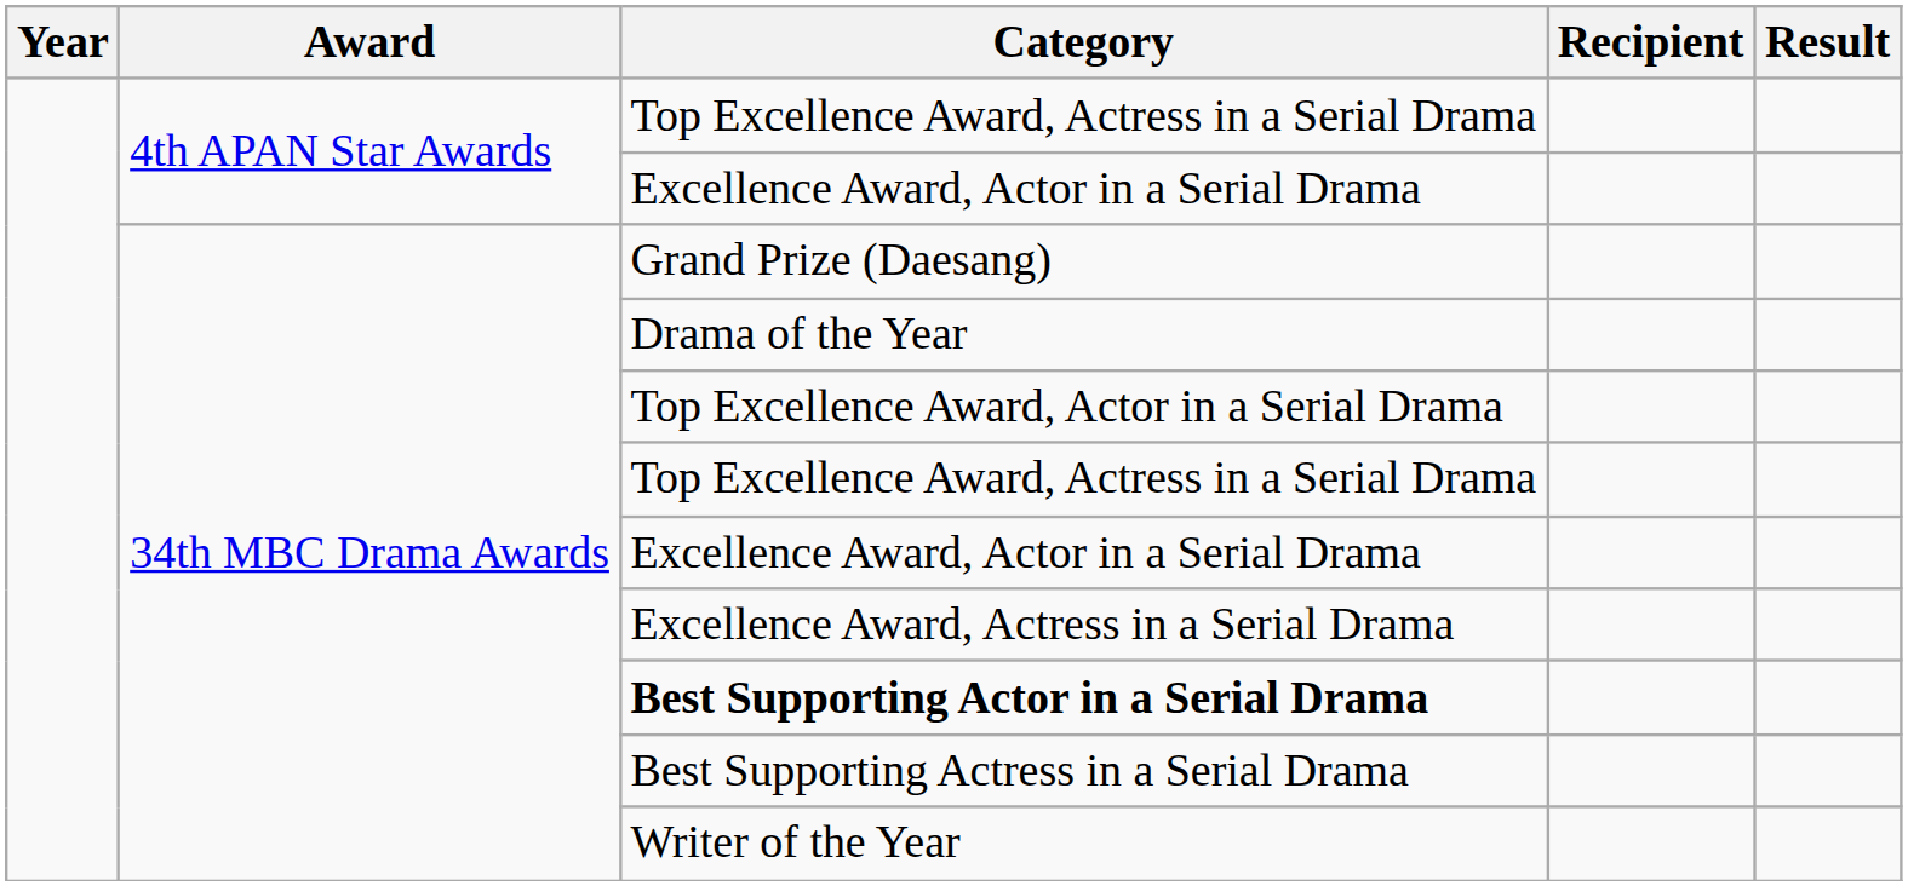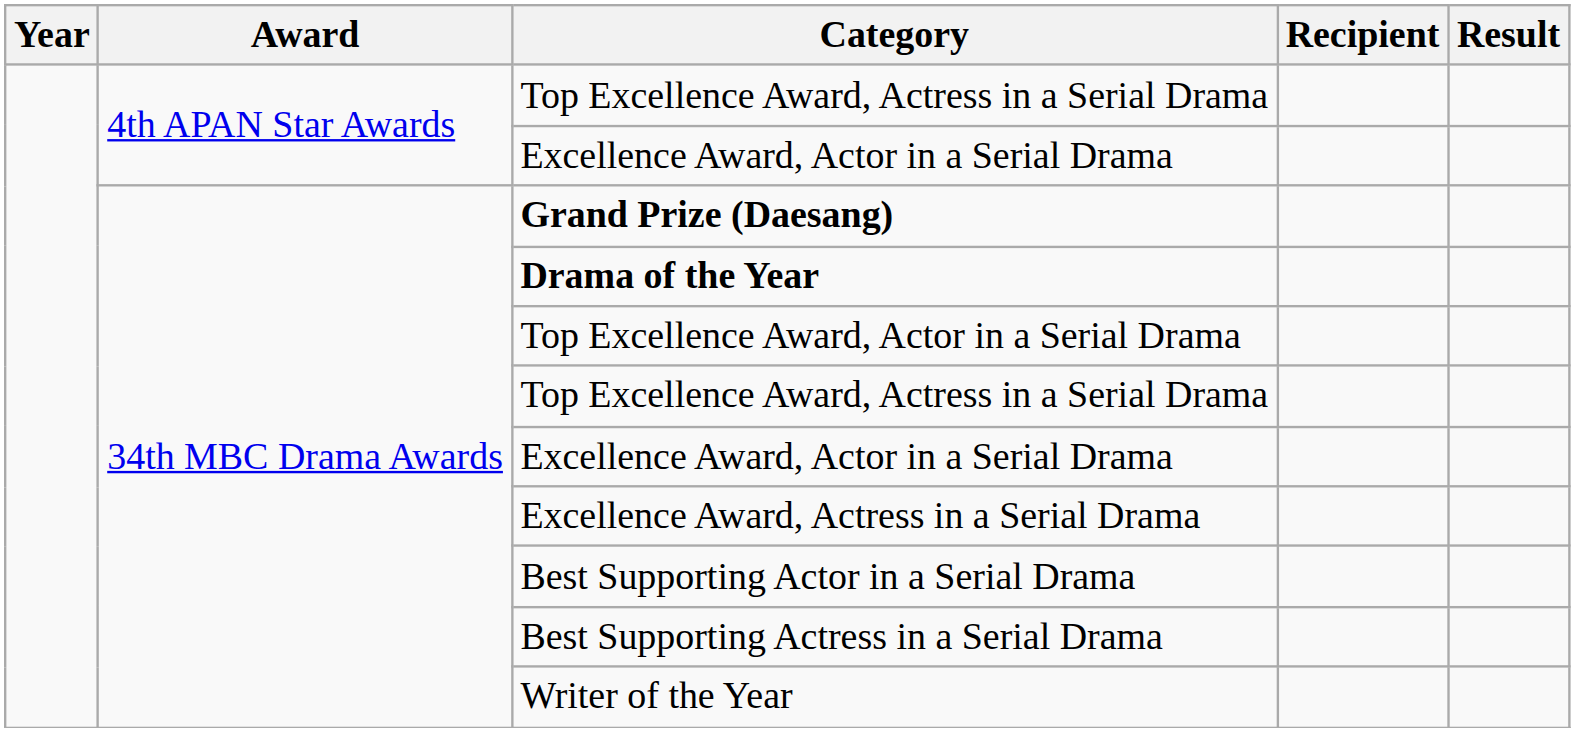 <table class="wikitable">
 <tr>
 <th>Year</th>
 <th>Award</th>
 <th>Category</th>
 <th>Recipient</th>
 <th>Result</th>
 </tr>
 <tr>
 <td rowspan="11"></td>
 <td rowspan="2"><a href='#'>4th APAN Star Awards</a></td>
 <td>Top Excellence Award, Actress in a Serial Drama</td>
 <td></td>
 <td></td>
 </tr>
 <tr>
 <td>Excellence Award, Actor in a Serial Drama</td>
 <td></td>
 <td></td>
 </tr>
 <tr>
 <td rowspan="9"><a href='#'>34th MBC Drama Awards</a></td>
-<td>Grand Prize (Daesang)</td>
+<td><strong>Grand Prize (Daesang)</strong></td>
 <td></td>
 <td></td>
 </tr>
 <tr>
-<td>Drama of the Year</td>
+<td><strong>Drama of the Year</strong></td>
 <td></td>
 <td></td>
 </tr>
 <tr>
 <td>Top Excellence Award, Actor in a Serial Drama</td>
 <td></td>
 <td></td>
 </tr>
 <tr>
 <td>Top Excellence Award, Actress in a Serial Drama</td>
 <td></td>
 <td></td>
 </tr>
 <tr>
 <td>Excellence Award, Actor in a Serial Drama</td>
 <td></td>
 <td></td>
 </tr>
 <tr>
 <td>Excellence Award, Actress in a Serial Drama</td>
 <td></td>
 <td></td>
 </tr>
 <tr>
-<td><strong>Best Supporting Actor in a Serial Drama</strong></td>
+<td>Best Supporting Actor in a Serial Drama</td>
 <td></td>
 <td></td>
 </tr>
 <tr>
 <td>Best Supporting Actress in a Serial Drama</td>
 <td></td>
 <td></td>
 </tr>
 <tr>
 <td>Writer of the Year</td>
 <td></td>
 <td></td>
 </tr>
 <tr>
 </tr>
 </table>
